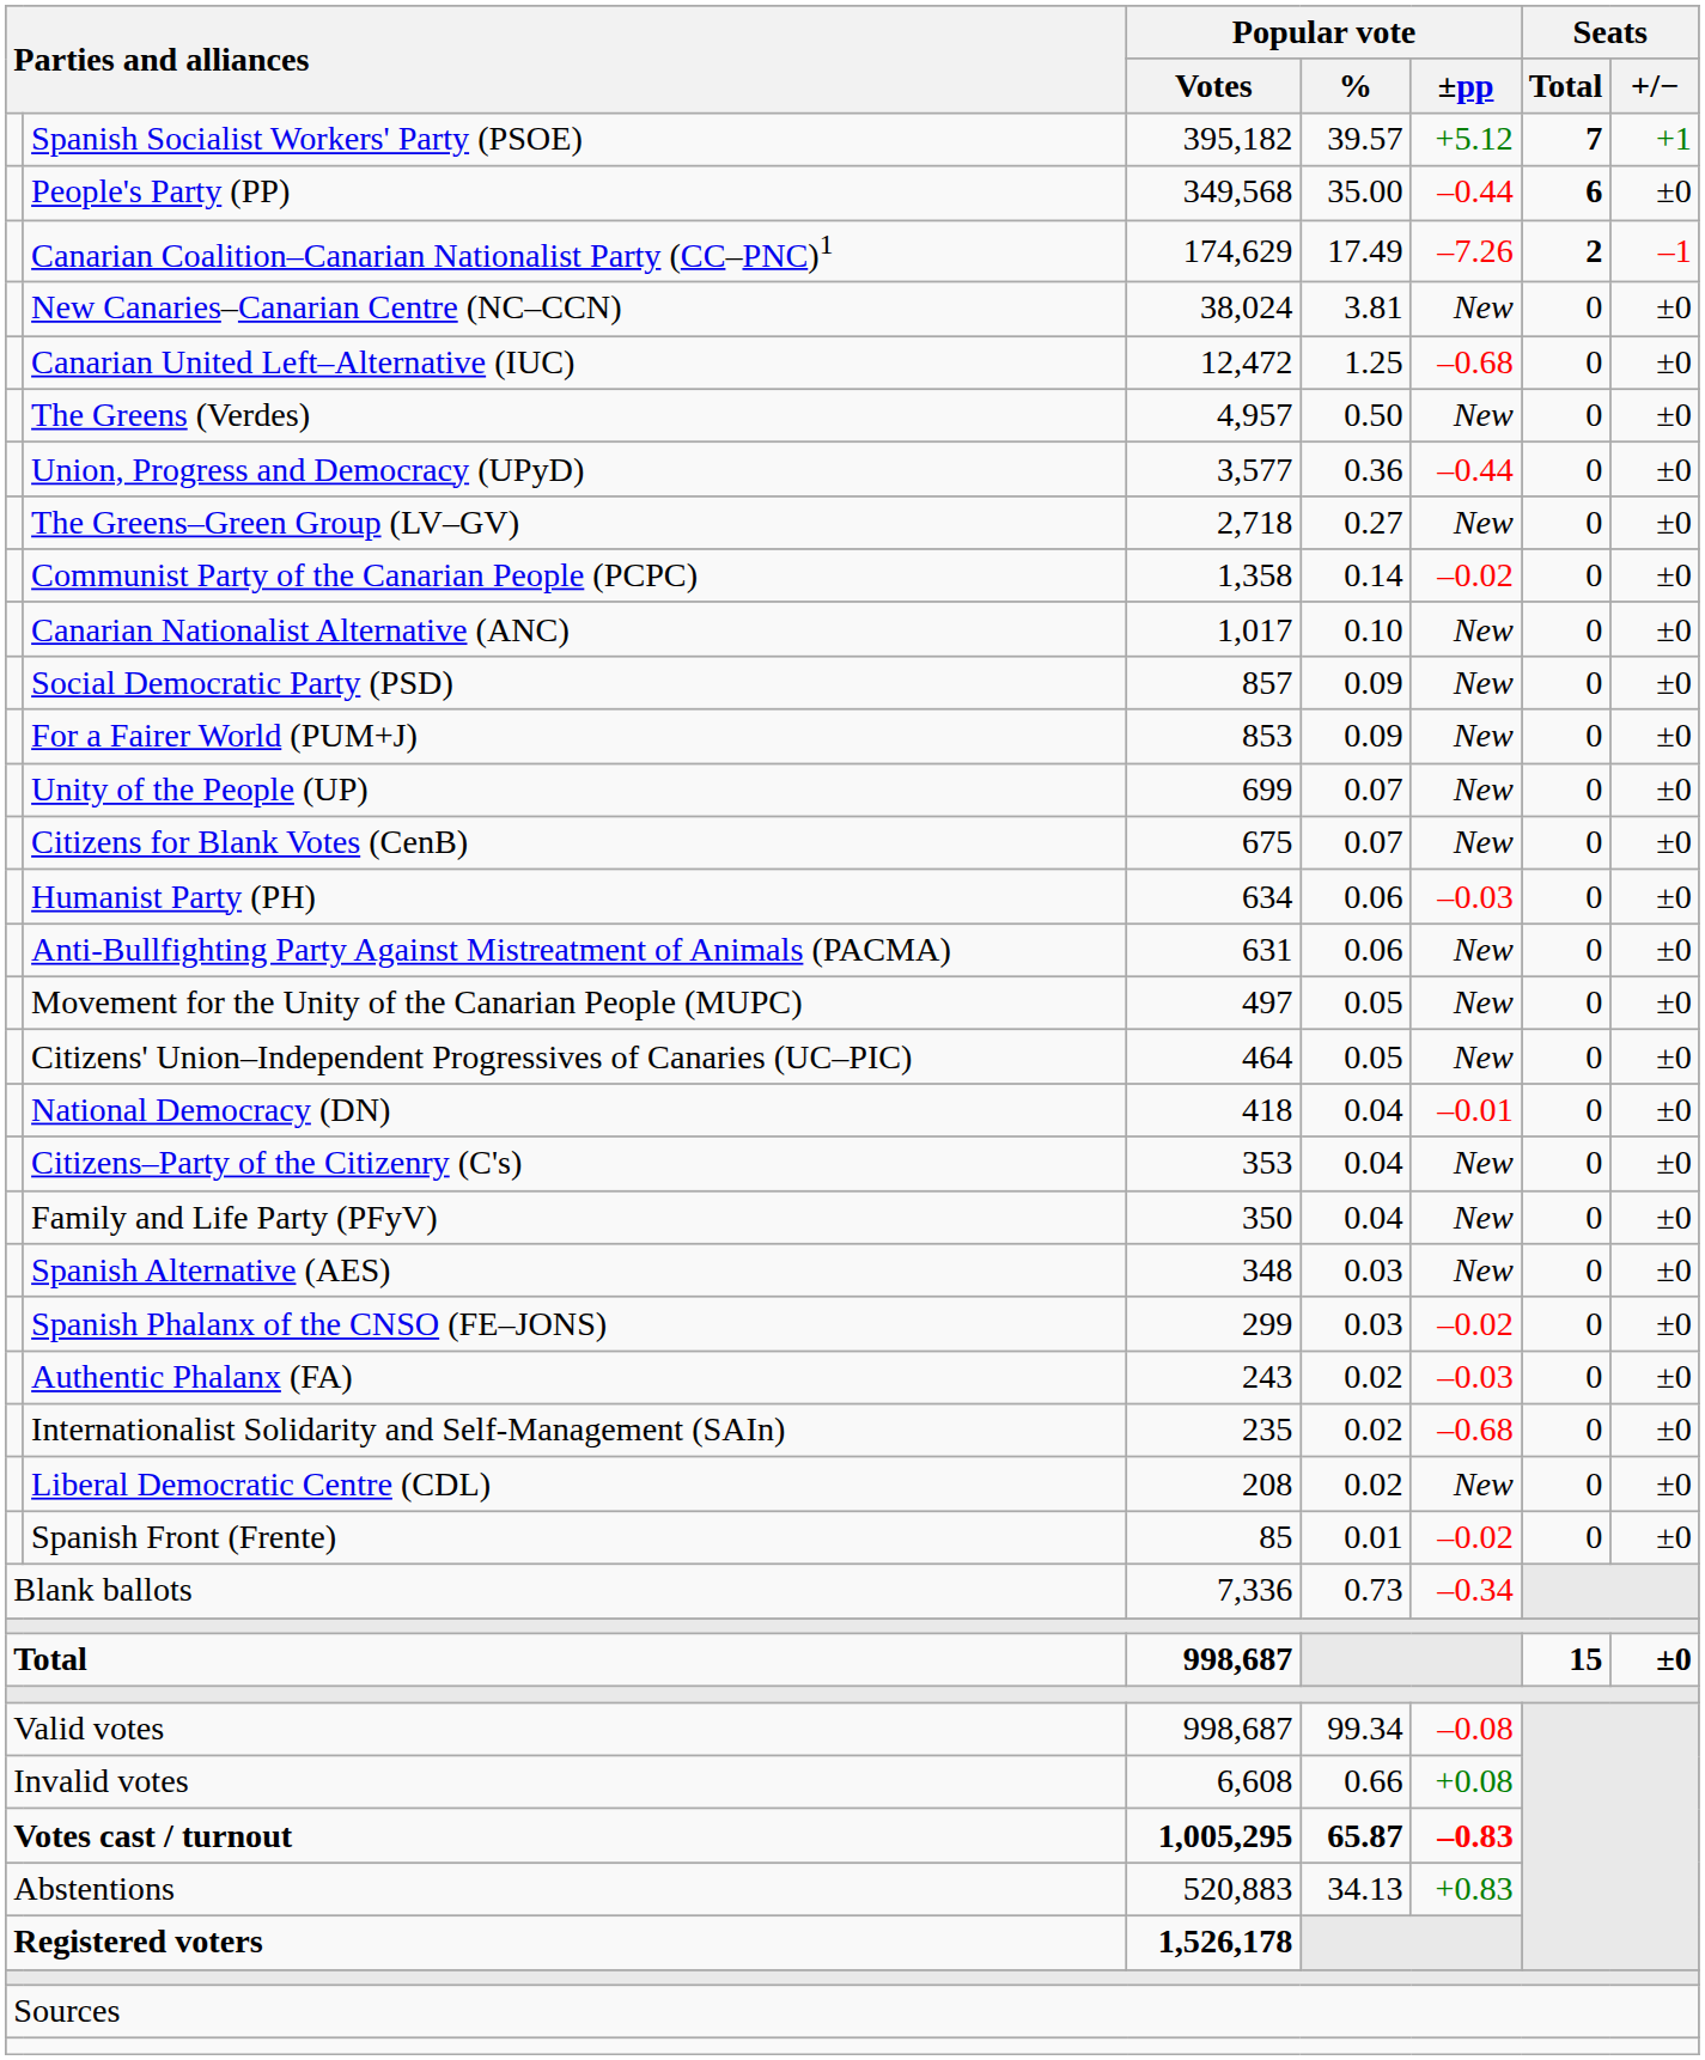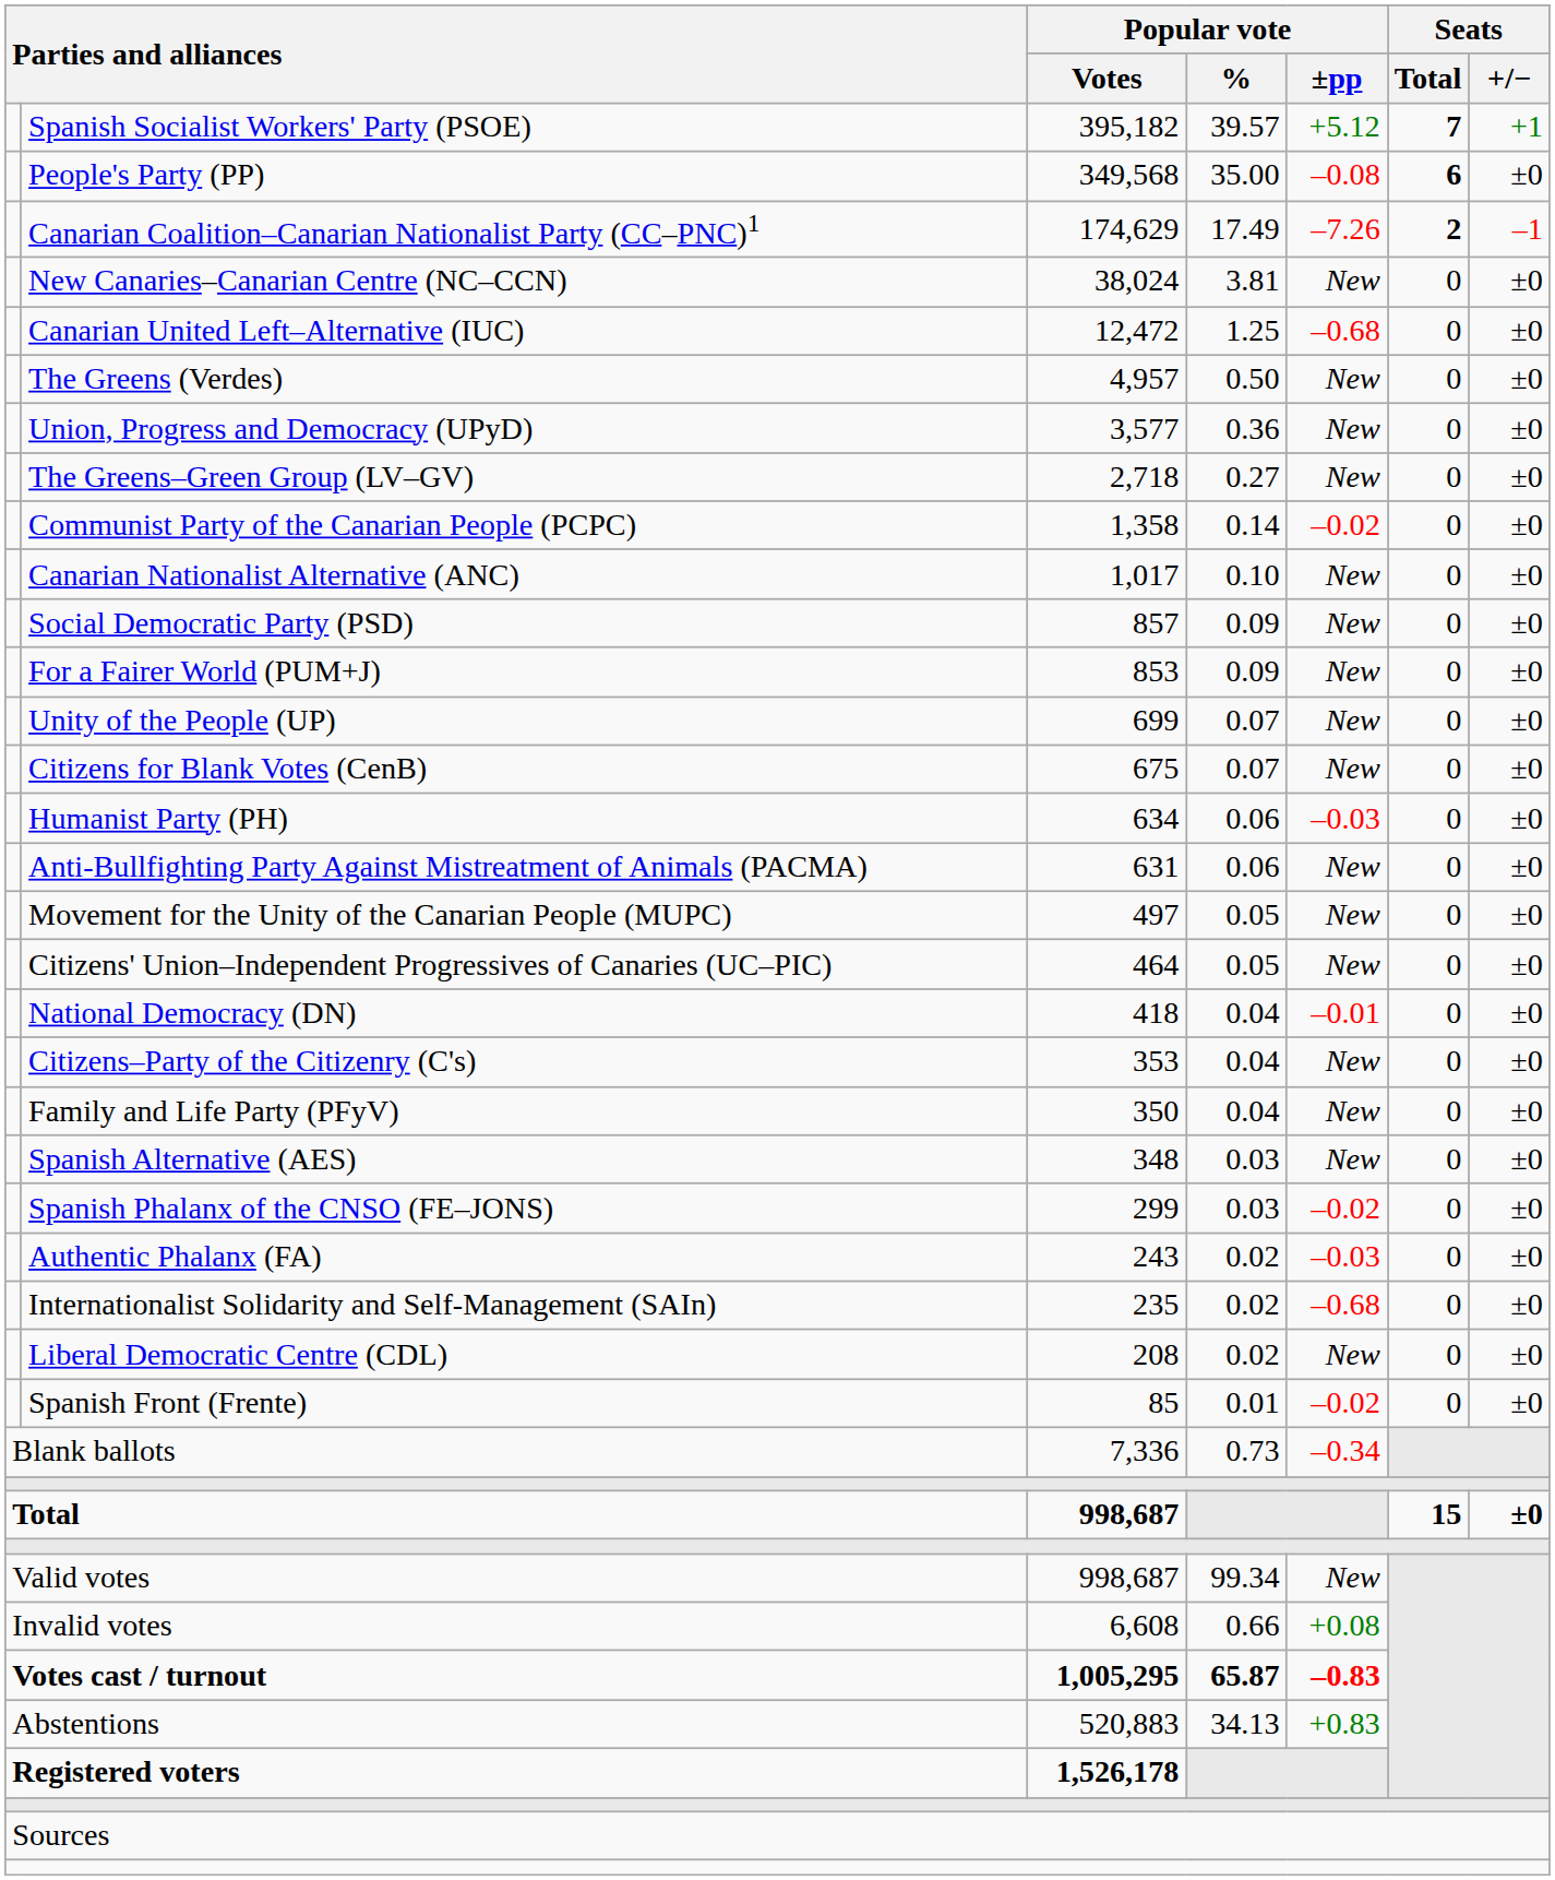 <table class="wikitable" style="text-align:right;">
 <tr>
 <th style="text-align:left;" rowspan="2" colspan="2" width="525">Parties and alliances</th>
 <th colspan="3">Popular vote</th>
 <th colspan="2">Seats</th>
 </tr>
 <tr>
 <th width="75">Votes</th>
 <th width="45">%</th>
 <th width="45">±<a href='#'>pp</a></th>
 <th width="35">Total</th>
 <th width="35">+/−</th>
 </tr>
 <tr>
 <td width="1" style="color:inherit;background:"></td>
 <td align="left"><a href='#'>Spanish Socialist Workers' Party</a> (PSOE)</td>
 <td>395,182</td>
 <td>39.57</td>
 <td style="color:green;">+5.12</td>
 <td><strong>7</strong></td>
 <td style="color:green;">+1</td>
 </tr>
 <tr>
 <td style="color:inherit;background:"></td>
 <td align="left"><a href='#'>People's Party</a> (PP)</td>
 <td>349,568</td>
 <td>35.00</td>
-<td style="color:red;">–0.44</td>
+<td style="color:red;">–0.08</td>
 <td><strong>6</strong></td>
 <td>±0</td>
 </tr>
 <tr>
 <td style="color:inherit;background:"></td>
 <td align="left"><a href='#'>Canarian Coalition–Canarian Nationalist Party</a> (<a href='#'>CC</a>–<a href='#'>PNC</a>)<sup>1</sup></td>
 <td>174,629</td>
 <td>17.49</td>
 <td style="color:red;">–7.26</td>
 <td><strong>2</strong></td>
 <td style="color:red;">–1</td>
 </tr>
 <tr>
 <td style="color:inherit;background:"></td>
 <td align="left"><a href='#'>New Canaries</a>–<a href='#'>Canarian Centre</a> (NC–CCN)</td>
 <td>38,024</td>
 <td>3.81</td>
 <td><em>New</em></td>
 <td>0</td>
 <td>±0</td>
 </tr>
 <tr>
 <td style="color:inherit;background:"></td>
 <td align="left"><a href='#'>Canarian United Left–Alternative</a> (IUC)</td>
 <td>12,472</td>
 <td>1.25</td>
 <td style="color:red;">–0.68</td>
 <td>0</td>
 <td>±0</td>
 </tr>
 <tr>
 <td style="color:inherit;background:"></td>
 <td align="left"><a href='#'>The Greens</a> (Verdes)</td>
 <td>4,957</td>
 <td>0.50</td>
 <td><em>New</em></td>
 <td>0</td>
 <td>±0</td>
 </tr>
 <tr>
 <td style="color:inherit;background:"></td>
 <td align="left"><a href='#'>Union, Progress and Democracy</a> (UPyD)</td>
 <td>3,577</td>
 <td>0.36</td>
-<td style="color:red;">–0.44</td>
+<td><em>New</em></td>
 <td>0</td>
 <td>±0</td>
 </tr>
 <tr>
 <td style="color:inherit;background:"></td>
 <td align="left"><a href='#'>The Greens–Green Group</a> (LV–GV)</td>
 <td>2,718</td>
 <td>0.27</td>
 <td><em>New</em></td>
 <td>0</td>
 <td>±0</td>
 </tr>
 <tr>
 <td style="color:inherit;background:"></td>
 <td align="left"><a href='#'>Communist Party of the Canarian People</a> (PCPC)</td>
 <td>1,358</td>
 <td>0.14</td>
 <td style="color:red;">–0.02</td>
 <td>0</td>
 <td>±0</td>
 </tr>
 <tr>
 <td style="color:inherit;background:"></td>
 <td align="left"><a href='#'>Canarian Nationalist Alternative</a> (ANC)</td>
 <td>1,017</td>
 <td>0.10</td>
 <td><em>New</em></td>
 <td>0</td>
 <td>±0</td>
 </tr>
 <tr>
 <td style="color:inherit;background:"></td>
 <td align="left"><a href='#'>Social Democratic Party</a> (PSD)</td>
 <td>857</td>
 <td>0.09</td>
 <td><em>New</em></td>
 <td>0</td>
 <td>±0</td>
 </tr>
 <tr>
 <td style="color:inherit;background:"></td>
 <td align="left"><a href='#'>For a Fairer World</a> (PUM+J)</td>
 <td>853</td>
 <td>0.09</td>
 <td><em>New</em></td>
 <td>0</td>
 <td>±0</td>
 </tr>
 <tr>
 <td style="color:inherit;background:"></td>
 <td align="left"><a href='#'>Unity of the People</a> (UP)</td>
 <td>699</td>
 <td>0.07</td>
 <td><em>New</em></td>
 <td>0</td>
 <td>±0</td>
 </tr>
 <tr>
 <td style="color:inherit;background:"></td>
 <td align="left"><a href='#'>Citizens for Blank Votes</a> (CenB)</td>
 <td>675</td>
 <td>0.07</td>
 <td><em>New</em></td>
 <td>0</td>
 <td>±0</td>
 </tr>
 <tr>
 <td style="color:inherit;background:"></td>
 <td align="left"><a href='#'>Humanist Party</a> (PH)</td>
 <td>634</td>
 <td>0.06</td>
 <td style="color:red;">–0.03</td>
 <td>0</td>
 <td>±0</td>
 </tr>
 <tr>
 <td style="color:inherit;background:"></td>
 <td align="left"><a href='#'>Anti-Bullfighting Party Against Mistreatment of Animals</a> (PACMA)</td>
 <td>631</td>
 <td>0.06</td>
 <td><em>New</em></td>
 <td>0</td>
 <td>±0</td>
 </tr>
 <tr>
 <td style="color:inherit;background:"></td>
 <td align="left">Movement for the Unity of the Canarian People (MUPC)</td>
 <td>497</td>
 <td>0.05</td>
 <td><em>New</em></td>
 <td>0</td>
 <td>±0</td>
 </tr>
 <tr>
 <td style="color:inherit;background:"></td>
 <td align="left">Citizens' Union–Independent Progressives of Canaries (UC–PIC)</td>
 <td>464</td>
 <td>0.05</td>
 <td><em>New</em></td>
 <td>0</td>
 <td>±0</td>
 </tr>
 <tr>
 <td style="color:inherit;background:"></td>
 <td align="left"><a href='#'>National Democracy</a> (DN)</td>
 <td>418</td>
 <td>0.04</td>
 <td style="color:red;">–0.01</td>
 <td>0</td>
 <td>±0</td>
 </tr>
 <tr>
 <td style="color:inherit;background:"></td>
 <td align="left"><a href='#'>Citizens–Party of the Citizenry</a> (C's)</td>
 <td>353</td>
 <td>0.04</td>
 <td><em>New</em></td>
 <td>0</td>
 <td>±0</td>
 </tr>
 <tr>
 <td style="color:inherit;background:"></td>
 <td align="left">Family and Life Party (PFyV)</td>
 <td>350</td>
 <td>0.04</td>
 <td><em>New</em></td>
 <td>0</td>
 <td>±0</td>
 </tr>
 <tr>
 <td style="color:inherit;background:"></td>
 <td align="left"><a href='#'>Spanish Alternative</a> (AES)</td>
 <td>348</td>
 <td>0.03</td>
 <td><em>New</em></td>
 <td>0</td>
 <td>±0</td>
 </tr>
 <tr>
 <td style="color:inherit;background:"></td>
 <td align="left"><a href='#'>Spanish Phalanx of the CNSO</a> (FE–JONS)</td>
 <td>299</td>
 <td>0.03</td>
 <td style="color:red;">–0.02</td>
 <td>0</td>
 <td>±0</td>
 </tr>
 <tr>
 <td style="color:inherit;background:"></td>
 <td align="left"><a href='#'>Authentic Phalanx</a> (FA)</td>
 <td>243</td>
 <td>0.02</td>
 <td style="color:red;">–0.03</td>
 <td>0</td>
 <td>±0</td>
 </tr>
 <tr>
 <td style="color:inherit;background:"></td>
 <td align="left">Internationalist Solidarity and Self-Management (SAIn)</td>
 <td>235</td>
 <td>0.02</td>
 <td style="color:red;">–0.68</td>
 <td>0</td>
 <td>±0</td>
 </tr>
 <tr>
 <td style="color:inherit;background:"></td>
 <td align="left"><a href='#'>Liberal Democratic Centre</a> (CDL)</td>
 <td>208</td>
 <td>0.02</td>
 <td><em>New</em></td>
 <td>0</td>
 <td>±0</td>
 </tr>
 <tr>
 <td style="color:inherit;background:"></td>
 <td align="left">Spanish Front (Frente)</td>
 <td>85</td>
 <td>0.01</td>
 <td style="color:red;">–0.02</td>
 <td>0</td>
 <td>±0</td>
 </tr>
 <tr>
 <td align="left" colspan="2">Blank ballots</td>
 <td>7,336</td>
 <td>0.73</td>
 <td style="color:red;">–0.34</td>
 <td bgcolor="#E9E9E9" colspan="2"></td>
 </tr>
 <tr>
 <td colspan="7" bgcolor="#E9E9E9"></td>
 </tr>
 <tr style="font-weight:bold;">
 <td align="left" colspan="2">Total</td>
 <td>998,687</td>
 <td bgcolor="#E9E9E9" colspan="2"></td>
 <td>15</td>
 <td>±0</td>
 </tr>
 <tr>
 <td colspan="7" bgcolor="#E9E9E9"></td>
 </tr>
 <tr>
 <td align="left" colspan="2">Valid votes</td>
 <td>998,687</td>
 <td>99.34</td>
-<td style="color:red;">–0.08</td>
+<td><em>New</em></td>
 <td bgcolor="#E9E9E9" colspan="2" rowspan="5"></td>
 </tr>
 <tr>
 <td align="left" colspan="2">Invalid votes</td>
 <td>6,608</td>
 <td>0.66</td>
 <td style="color:green;">+0.08</td>
 </tr>
 <tr style="font-weight:bold;">
 <td align="left" colspan="2">Votes cast / turnout</td>
 <td>1,005,295</td>
 <td>65.87</td>
 <td style="color:red;">–0.83</td>
 </tr>
 <tr>
 <td align="left" colspan="2">Abstentions</td>
 <td>520,883</td>
 <td>34.13</td>
 <td style="color:green;">+0.83</td>
 </tr>
 <tr style="font-weight:bold;">
 <td align="left" colspan="2">Registered voters</td>
 <td>1,526,178</td>
 <td bgcolor="#E9E9E9" colspan="2"></td>
 </tr>
 <tr>
 <td colspan="7" bgcolor="#E9E9E9"></td>
 </tr>
 <tr>
 <td align="left" colspan="7">Sources</td>
 </tr>
 <tr>
 <td colspan="7" style="text-align:left; max-width:790px;"></td>
 </tr>
 </table>
